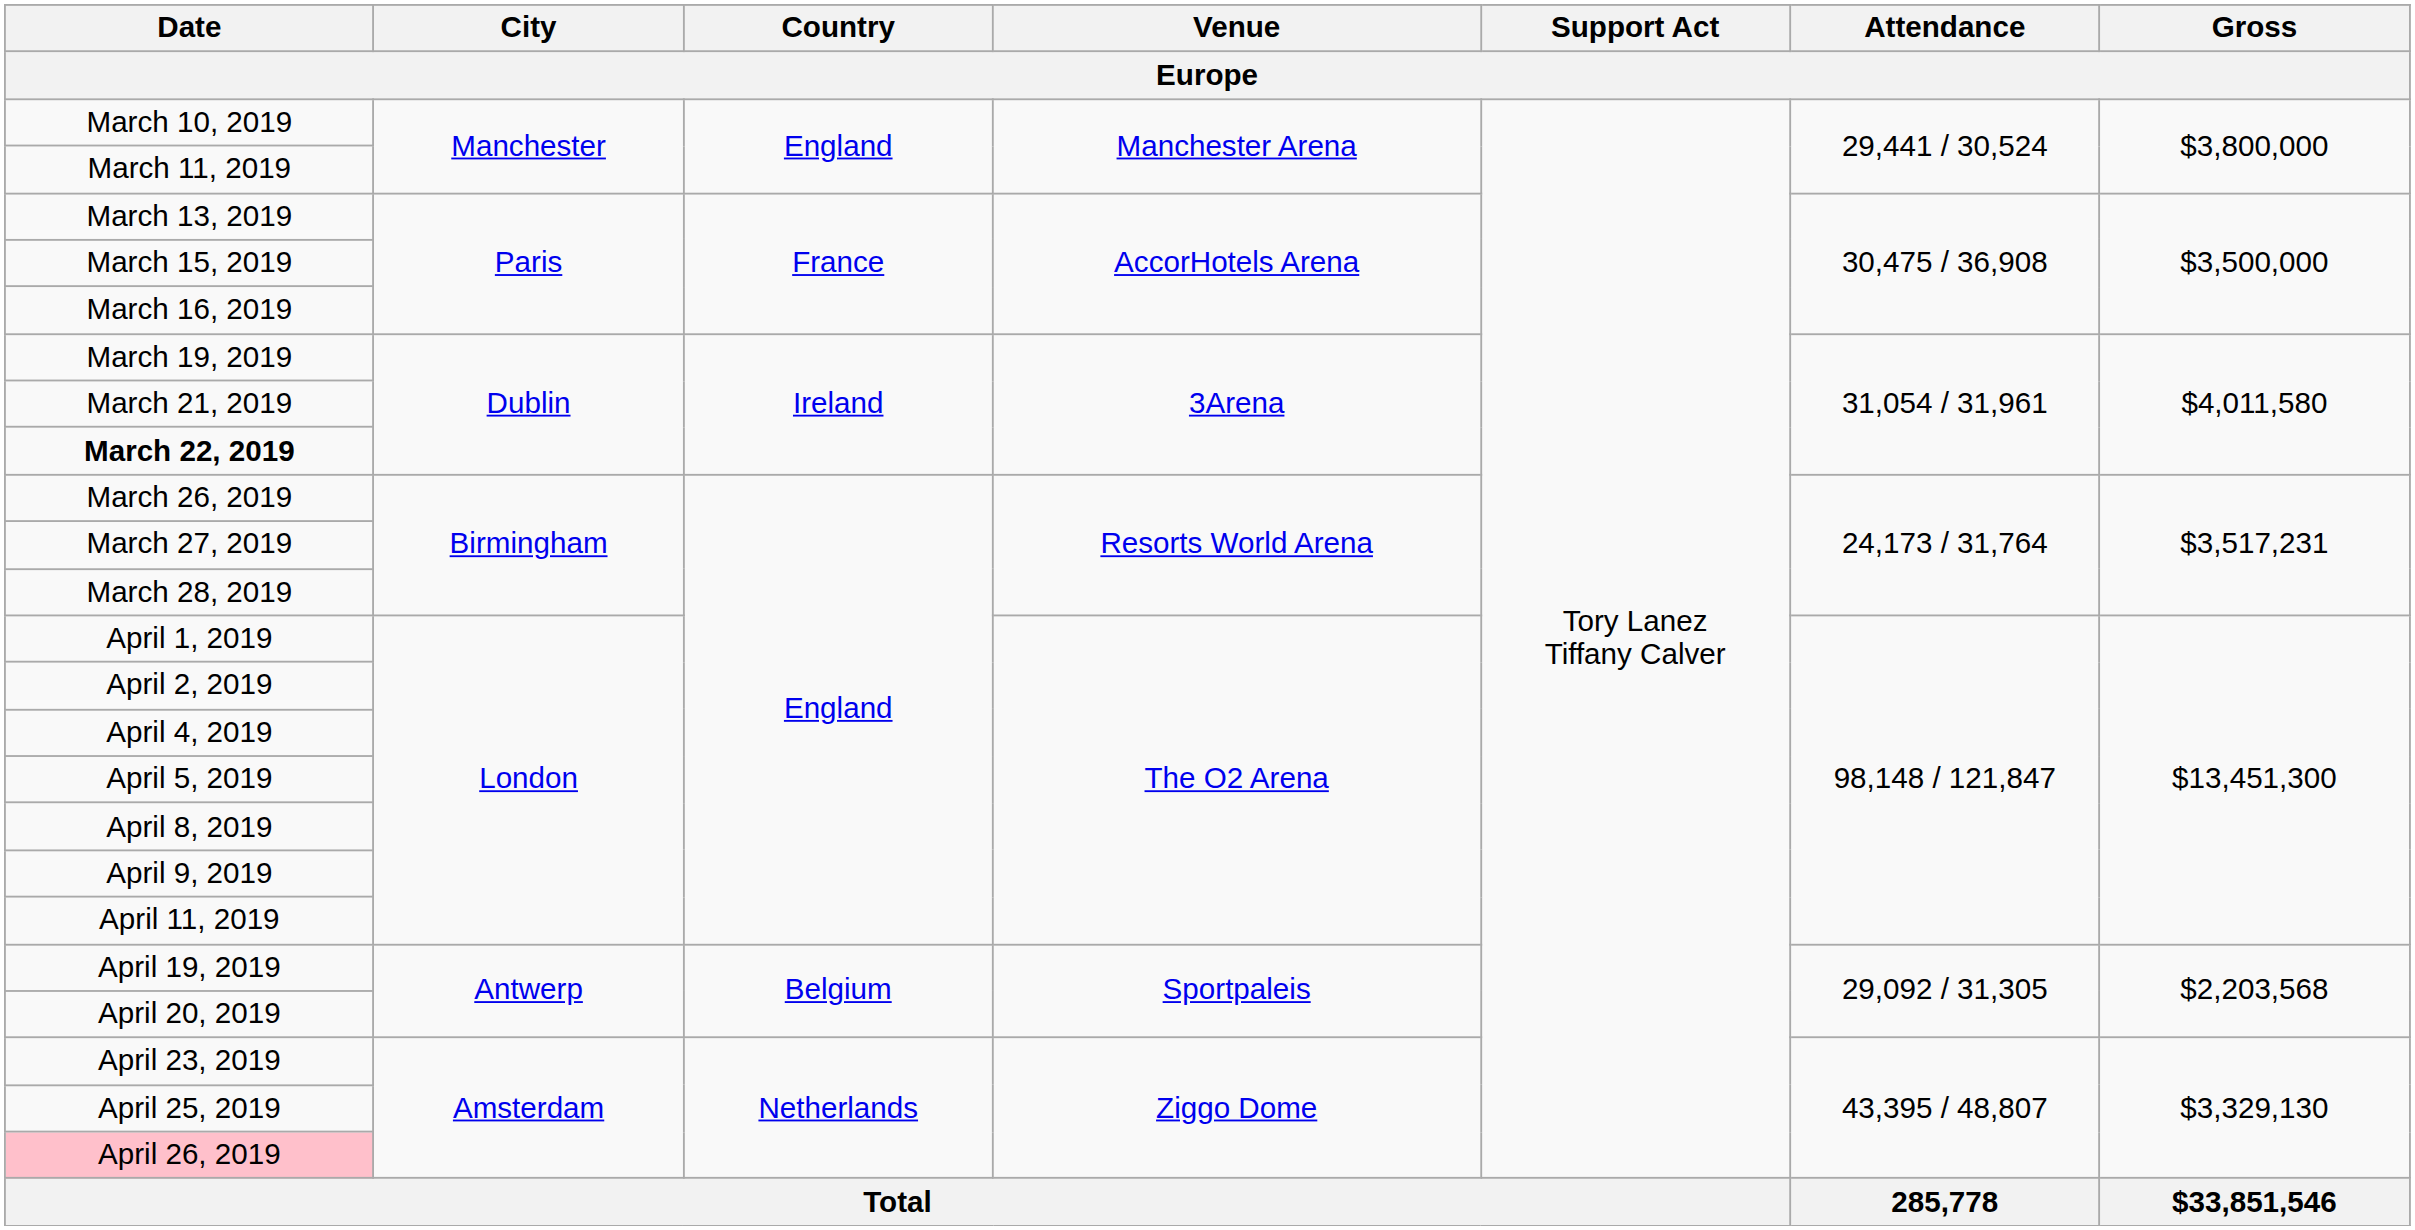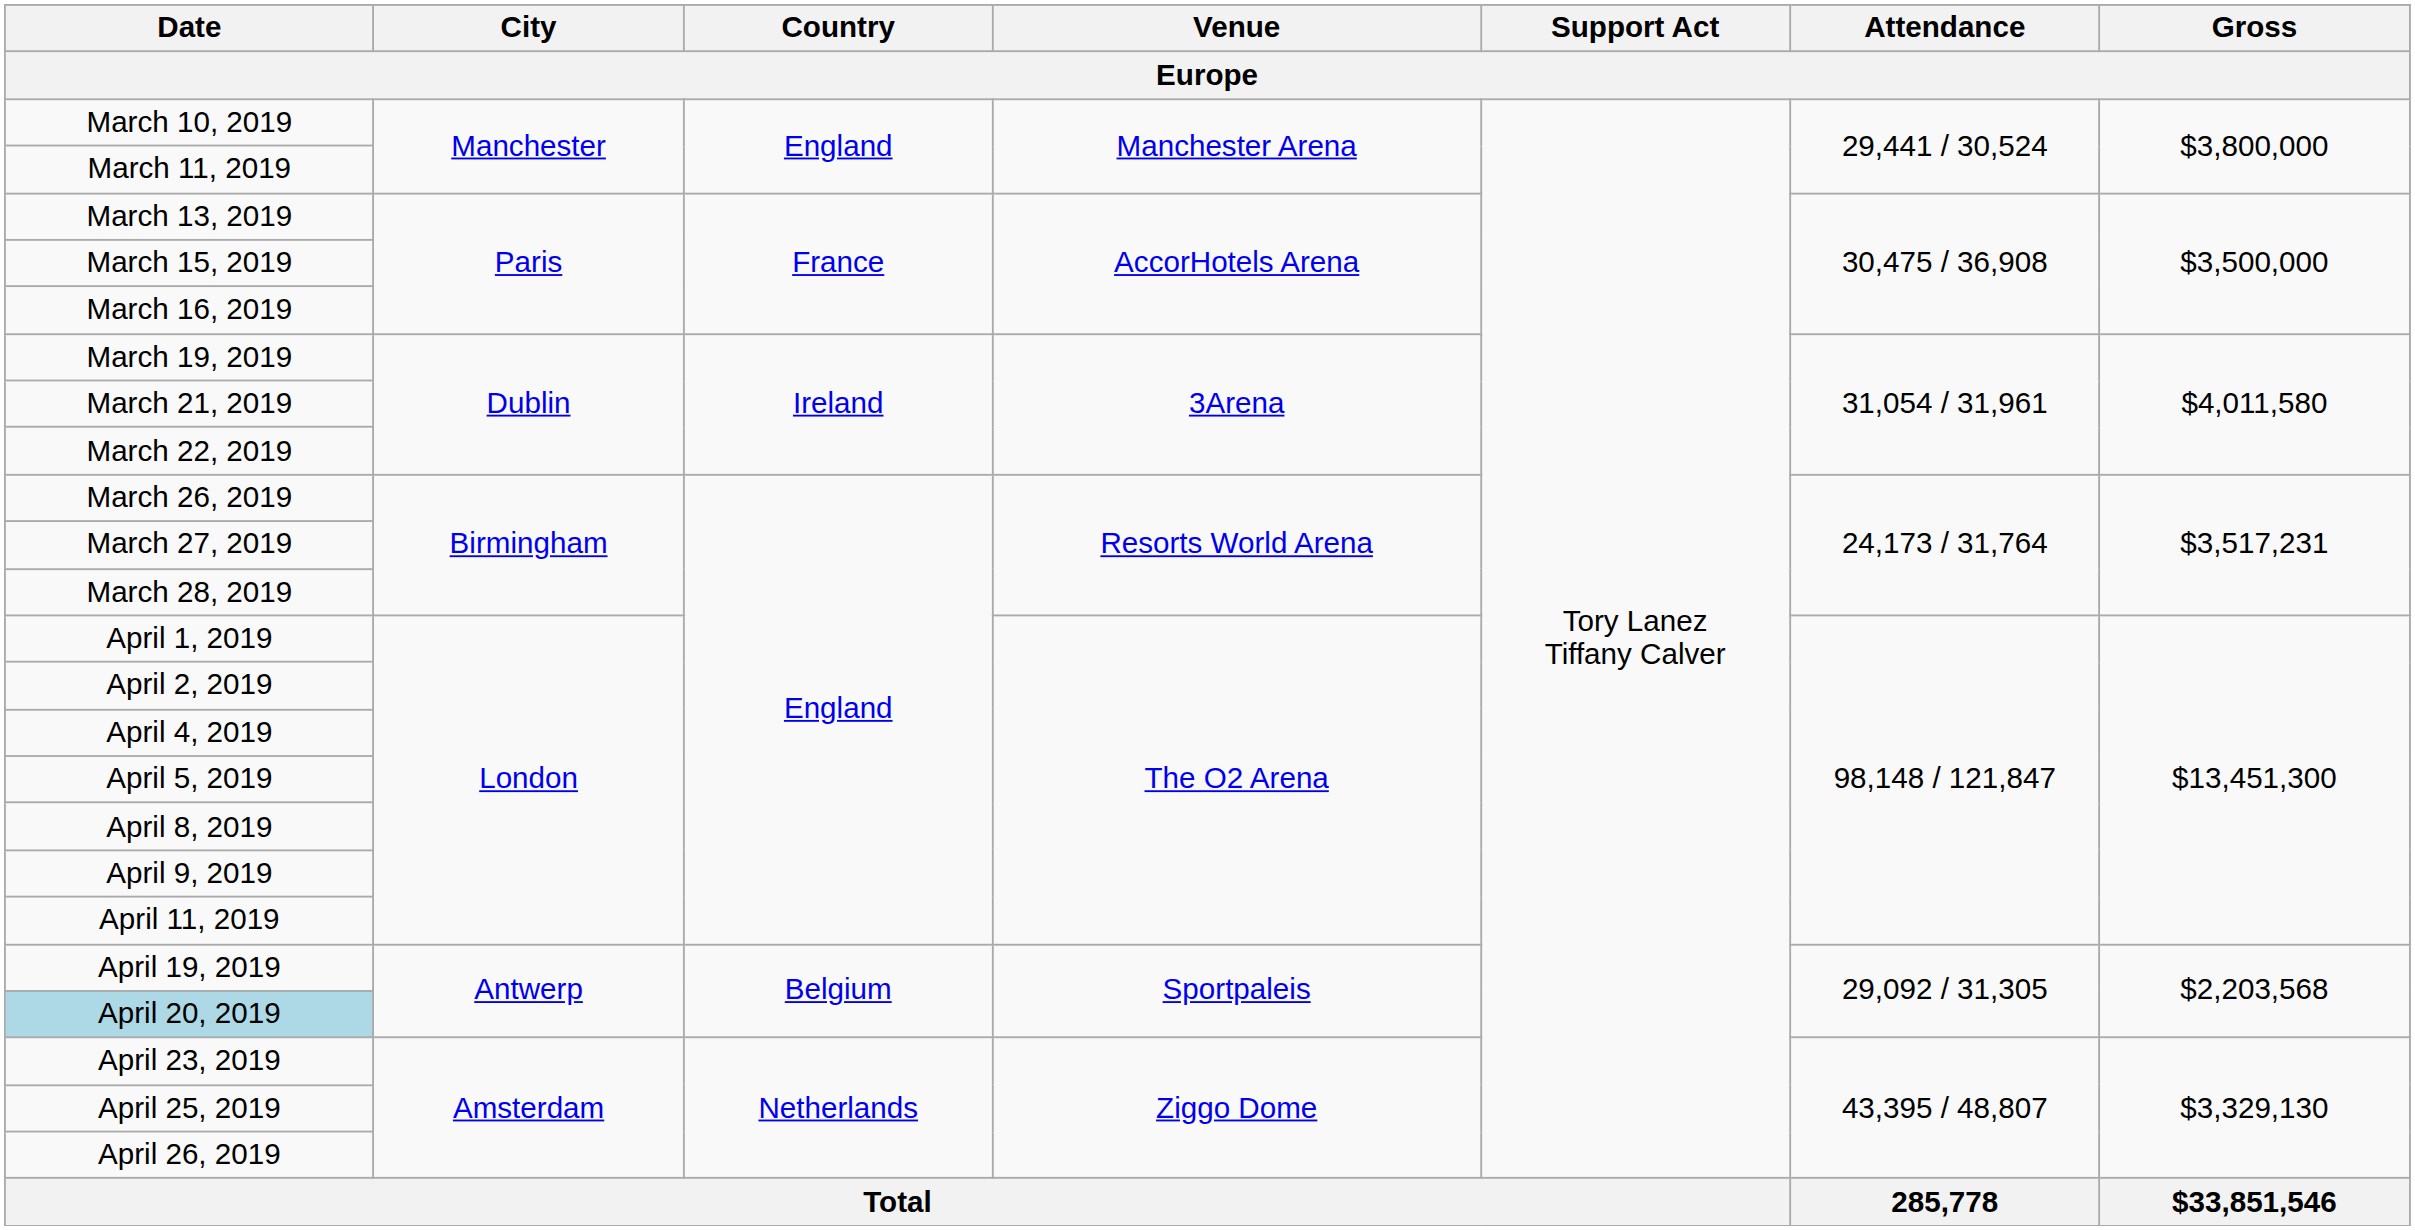 <table class="wikitable" style="text-align:center;">
 <tr>
 <th scope="col" style="width:12em;">Date</th>
 <th scope="col" style="width:10em;">City</th>
 <th scope="col" style="width:10em;">Country</th>
 <th scope="col" style="width:16em;">Venue</th>
 <th scope="col" style="width:10em;">Support Act</th>
 <th scope="col" style="width:10em;">Attendance</th>
 <th scope="col" style="width:10em;">Gross</th>
 </tr>
 <tr>
 <th colspan="7">Europe</th>
 </tr>
 <tr>
 <td>March 10, 2019</td>
 <td rowspan="2"><a href='#'>Manchester</a></td>
 <td rowspan="2"><a href='#'>England</a></td>
 <td rowspan="2"><a href='#'>Manchester Arena</a></td>
 <td rowspan="23">Tory Lanez<br>Tiffany Calver</td>
 <td rowspan="2">29,441 / 30,524</td>
 <td rowspan="2">$3,800,000</td>
 </tr>
 <tr>
 <td>March 11, 2019</td>
 </tr>
 <tr>
 <td>March 13, 2019</td>
 <td rowspan="3"><a href='#'>Paris</a></td>
 <td rowspan="3"><a href='#'>France</a></td>
 <td rowspan="3"><a href='#'>AccorHotels Arena</a></td>
 <td rowspan="3">30,475 / 36,908</td>
 <td rowspan="3">$3,500,000</td>
 </tr>
 <tr>
 <td>March 15, 2019</td>
 </tr>
 <tr>
 <td>March 16, 2019</td>
 </tr>
 <tr>
 <td>March 19, 2019</td>
 <td rowspan="3"><a href='#'>Dublin</a></td>
 <td rowspan="3"><a href='#'>Ireland</a></td>
 <td rowspan="3"><a href='#'>3Arena</a></td>
 <td rowspan="3">31,054 / 31,961</td>
 <td rowspan="3">$4,011,580</td>
 </tr>
 <tr>
 <td>March 21, 2019</td>
 </tr>
 <tr>
-<td><strong>March 22, 2019</strong></td>
+<td>March 22, 2019</td>
 </tr>
 <tr>
 <td>March 26, 2019</td>
 <td rowspan="3"><a href='#'>Birmingham</a></td>
 <td rowspan="10"><a href='#'>England</a></td>
 <td rowspan="3"><a href='#'>Resorts World Arena</a></td>
 <td rowspan="3">24,173 / 31,764</td>
 <td rowspan="3">$3,517,231</td>
 </tr>
 <tr>
 <td>March 27, 2019</td>
 </tr>
 <tr>
 <td>March 28, 2019</td>
 </tr>
 <tr>
 <td>April 1, 2019</td>
 <td rowspan="7"><a href='#'>London</a></td>
 <td rowspan="7"><a href='#'>The O2 Arena</a></td>
 <td rowspan="7">98,148 / 121,847</td>
 <td rowspan="7">$13,451,300</td>
 </tr>
 <tr>
 <td>April 2, 2019</td>
 </tr>
 <tr>
 <td>April 4, 2019</td>
 </tr>
 <tr>
 <td>April 5, 2019</td>
 </tr>
 <tr>
 <td>April 8, 2019</td>
 </tr>
 <tr>
 <td>April 9, 2019</td>
 </tr>
 <tr>
 <td>April 11, 2019</td>
 </tr>
 <tr>
 <td>April 19, 2019</td>
 <td rowspan="2"><a href='#'>Antwerp</a></td>
 <td rowspan="2"><a href='#'>Belgium</a></td>
 <td rowspan="2"><a href='#'>Sportpaleis</a></td>
 <td rowspan="2">29,092 / 31,305</td>
 <td rowspan="2">$2,203,568</td>
 </tr>
 <tr>
-<td>April 20, 2019</td>
+<td style="background: lightblue;">April 20, 2019</td>
 </tr>
 <tr>
 <td>April 23, 2019</td>
 <td rowspan="3"><a href='#'>Amsterdam</a></td>
 <td rowspan="3"><a href='#'>Netherlands</a></td>
 <td rowspan="3"><a href='#'>Ziggo Dome</a></td>
 <td rowspan="3">43,395 / 48,807</td>
 <td rowspan="3">$3,329,130</td>
 </tr>
 <tr>
 <td>April 25, 2019</td>
 </tr>
 <tr>
-<td style="background: pink;">April 26, 2019</td>
+<td>April 26, 2019</td>
 </tr>
 <tr>
 <th colspan="5">Total</th>
 <th>285,778</th>
 <th>$33,851,546</th>
 </tr>
 </table>
